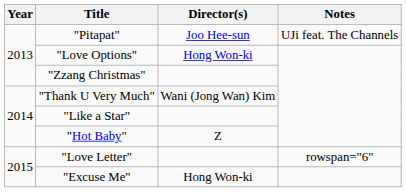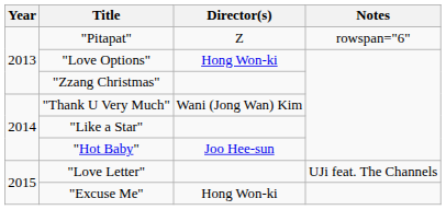 <table class="wikitable" style="text-align:center">
 <tr>
 <th>Year</th>
 <th>Title</th>
 <th>Director(s)</th>
 <th>Notes</th>
 </tr>
 <tr>
 <td rowspan="3">2013</td>
 <td>"Pitapat"</td>
-<td><a href='#'>Joo Hee-sun</a></td>
-<td>UJi feat. The Channels</td>
+<td>Z</td>
+<td>rowspan="6" </td>
 </tr>
 <tr>
 <td>"Love Options"</td>
 <td><a href='#'>Hong Won-ki</a></td>
 </tr>
 <tr>
 <td>"Zzang Christmas"</td>
 <td></td>
 </tr>
 <tr>
 <td rowspan="3">2014</td>
 <td>"Thank U Very Much"</td>
 <td>Wani (Jong Wan) Kim</td>
 </tr>
 <tr>
 <td>"Like a Star"</td>
 <td></td>
 </tr>
 <tr>
 <td>"<a href='#'>Hot Baby</a>"</td>
-<td>Z</td>
+<td><a href='#'>Joo Hee-sun</a></td>
 </tr>
 <tr>
 <td rowspan="2">2015</td>
 <td>"Love Letter"</td>
 <td></td>
-<td>rowspan="6" </td>
+<td>UJi feat. The Channels</td>
 </tr>
 <tr>
 <td>"Excuse Me"</td>
 <td>Hong Won-ki</td>
 <td></td>
 </tr>
 </table>
